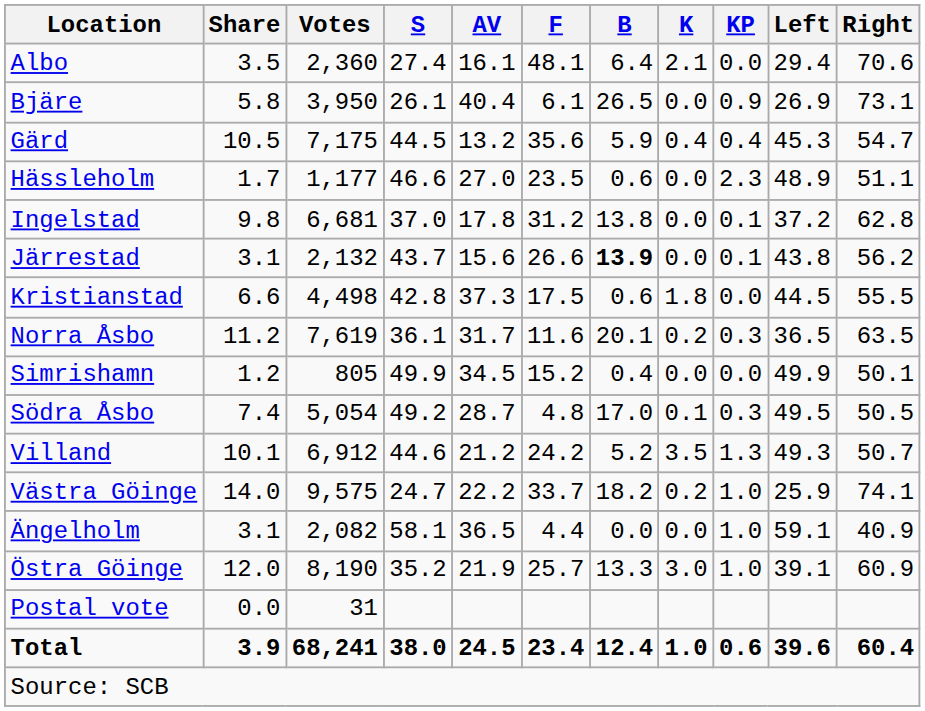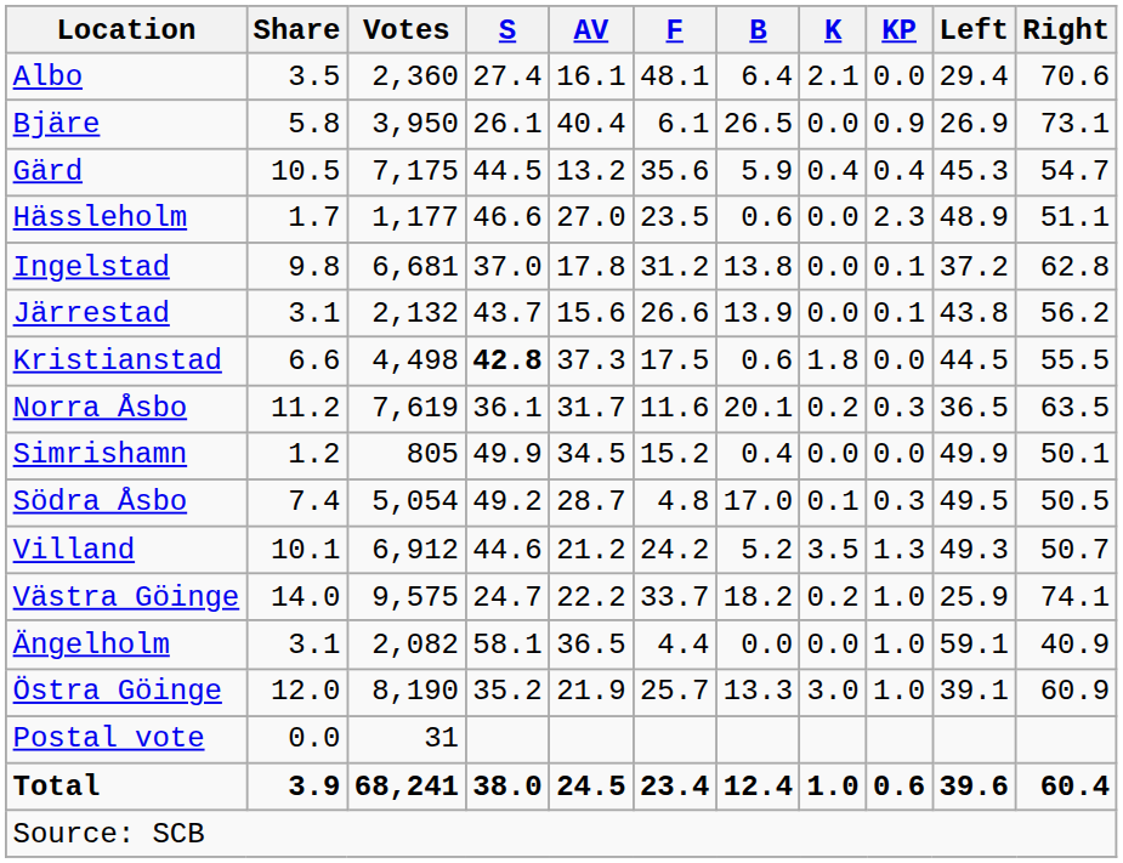 <table class="wikitable sortable" style=text-align:right>
 <tr>
 <th>Location</th>
 <th>Share</th>
 <th>Votes</th>
 <th><a href='#'>S</a></th>
 <th><a href='#'>AV</a></th>
 <th><a href='#'>F</a></th>
 <th><a href='#'>B</a></th>
 <th><a href='#'>K</a></th>
 <th><a href='#'>KP</a></th>
 <th>Left</th>
 <th>Right</th>
 </tr>
 <tr>
 <td align=left><a href='#'>Albo</a></td>
 <td>3.5</td>
 <td>2,360</td>
 <td>27.4</td>
 <td>16.1</td>
 <td>48.1</td>
 <td>6.4</td>
 <td>2.1</td>
 <td>0.0</td>
 <td>29.4</td>
 <td>70.6</td>
 </tr>
 <tr>
 <td align=left><a href='#'>Bjäre</a></td>
 <td>5.8</td>
 <td>3,950</td>
 <td>26.1</td>
 <td>40.4</td>
 <td>6.1</td>
 <td>26.5</td>
 <td>0.0</td>
 <td>0.9</td>
 <td>26.9</td>
 <td>73.1</td>
 </tr>
 <tr>
 <td align=left><a href='#'>Gärd</a></td>
 <td>10.5</td>
 <td>7,175</td>
 <td>44.5</td>
 <td>13.2</td>
 <td>35.6</td>
 <td>5.9</td>
 <td>0.4</td>
 <td>0.4</td>
 <td>45.3</td>
 <td>54.7</td>
 </tr>
 <tr>
 <td align=left><a href='#'>Hässleholm</a></td>
 <td>1.7</td>
 <td>1,177</td>
 <td>46.6</td>
 <td>27.0</td>
 <td>23.5</td>
 <td>0.6</td>
 <td>0.0</td>
 <td>2.3</td>
 <td>48.9</td>
 <td>51.1</td>
 </tr>
 <tr>
 <td align=left><a href='#'>Ingelstad</a></td>
 <td>9.8</td>
 <td>6,681</td>
 <td>37.0</td>
 <td>17.8</td>
 <td>31.2</td>
 <td>13.8</td>
 <td>0.0</td>
 <td>0.1</td>
 <td>37.2</td>
 <td>62.8</td>
 </tr>
 <tr>
 <td align=left><a href='#'>Järrestad</a></td>
 <td>3.1</td>
 <td>2,132</td>
 <td>43.7</td>
 <td>15.6</td>
 <td>26.6</td>
-<td><strong>13.9</strong></td>
+<td>13.9</td>
 <td>0.0</td>
 <td>0.1</td>
 <td>43.8</td>
 <td>56.2</td>
 </tr>
 <tr>
 <td align=left><a href='#'>Kristianstad</a></td>
 <td>6.6</td>
 <td>4,498</td>
-<td>42.8</td>
+<td><strong>42.8</strong></td>
 <td>37.3</td>
 <td>17.5</td>
 <td>0.6</td>
 <td>1.8</td>
 <td>0.0</td>
 <td>44.5</td>
 <td>55.5</td>
 </tr>
 <tr>
 <td align=left><a href='#'>Norra Åsbo</a></td>
 <td>11.2</td>
 <td>7,619</td>
 <td>36.1</td>
 <td>31.7</td>
 <td>11.6</td>
 <td>20.1</td>
 <td>0.2</td>
 <td>0.3</td>
 <td>36.5</td>
 <td>63.5</td>
 </tr>
 <tr>
 <td align=left><a href='#'>Simrishamn</a></td>
 <td>1.2</td>
 <td>805</td>
 <td>49.9</td>
 <td>34.5</td>
 <td>15.2</td>
 <td>0.4</td>
 <td>0.0</td>
 <td>0.0</td>
 <td>49.9</td>
 <td>50.1</td>
 </tr>
 <tr>
 <td align=left><a href='#'>Södra Åsbo</a></td>
 <td>7.4</td>
 <td>5,054</td>
 <td>49.2</td>
 <td>28.7</td>
 <td>4.8</td>
 <td>17.0</td>
 <td>0.1</td>
 <td>0.3</td>
 <td>49.5</td>
 <td>50.5</td>
 </tr>
 <tr>
 <td align=left><a href='#'>Villand</a></td>
 <td>10.1</td>
 <td>6,912</td>
 <td>44.6</td>
 <td>21.2</td>
 <td>24.2</td>
 <td>5.2</td>
 <td>3.5</td>
 <td>1.3</td>
 <td>49.3</td>
 <td>50.7</td>
 </tr>
 <tr>
 <td align=left><a href='#'>Västra Göinge</a></td>
 <td>14.0</td>
 <td>9,575</td>
 <td>24.7</td>
 <td>22.2</td>
 <td>33.7</td>
 <td>18.2</td>
 <td>0.2</td>
 <td>1.0</td>
 <td>25.9</td>
 <td>74.1</td>
 </tr>
 <tr>
 <td align=left><a href='#'>Ängelholm</a></td>
 <td>3.1</td>
 <td>2,082</td>
 <td>58.1</td>
 <td>36.5</td>
 <td>4.4</td>
 <td>0.0</td>
 <td>0.0</td>
 <td>1.0</td>
 <td>59.1</td>
 <td>40.9</td>
 </tr>
 <tr>
 <td align=left><a href='#'>Östra Göinge</a></td>
 <td>12.0</td>
 <td>8,190</td>
 <td>35.2</td>
 <td>21.9</td>
 <td>25.7</td>
 <td>13.3</td>
 <td>3.0</td>
 <td>1.0</td>
 <td>39.1</td>
 <td>60.9</td>
 </tr>
 <tr>
 <td align=left><a href='#'>Postal vote</a></td>
 <td>0.0</td>
 <td>31</td>
 <td></td>
 <td></td>
 <td></td>
 <td></td>
 <td></td>
 <td></td>
 <td></td>
 <td></td>
 </tr>
 <tr>
 <td align=left><strong>Total</strong></td>
 <td><strong>3.9</strong></td>
 <td><strong>68,241</strong></td>
 <td><strong>38.0</strong></td>
 <td><strong>24.5</strong></td>
 <td><strong>23.4</strong></td>
 <td><strong>12.4</strong></td>
 <td><strong>1.0</strong></td>
 <td><strong>0.6</strong></td>
 <td><strong>39.6</strong></td>
 <td><strong>60.4</strong></td>
 </tr>
 <tr>
 <td align=left colspan=11>Source: SCB </td>
 </tr>
 </table>
